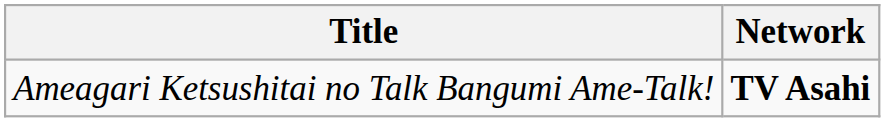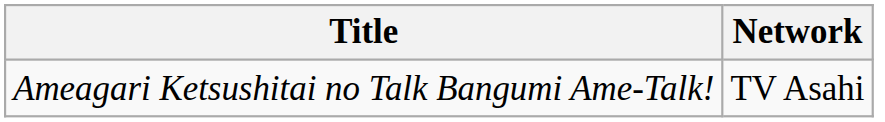 <table class="wikitable">
 <tr>
 <th>Title</th>
 <th>Network</th>
 </tr>
 <tr>
 <td><em>Ameagari Ketsushitai no Talk Bangumi Ame-Talk!</em></td>
-<td><strong>TV Asahi</strong></td>
+<td>TV Asahi</td>
 </tr>
 </table>
